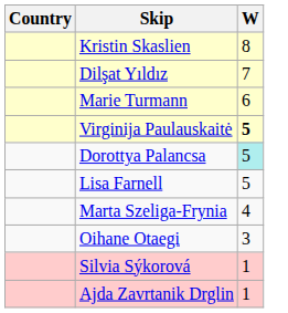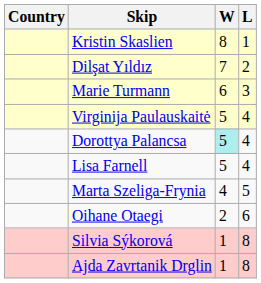 <table class=wikitable>
 <tr>
 <th>Country</th>
 <th>Skip</th>
 <th>W</th>
+<th>L</th>
 </tr>
 <tr style="background:#ffffcc;">
 <td></td>
 <td><a href='#'>Kristin Skaslien</a></td>
 <td>8</td>
+<td>1</td>
 </tr>
 <tr style="background:#ffffcc;">
 <td></td>
 <td><a href='#'>Dilşat Yıldız</a></td>
 <td>7</td>
+<td>2</td>
 </tr>
 <tr style="background:#ffffcc;">
 <td></td>
 <td><a href='#'>Marie Turmann</a></td>
 <td>6</td>
+<td>3</td>
 </tr>
 <tr style="background:#ffffcc;">
 <td></td>
 <td><a href='#'>Virginija Paulauskaitė</a></td>
-<td><strong>5</strong></td>
+<td>5</td>
+<td>4</td>
 </tr>
 <tr>
 <td></td>
 <td><a href='#'>Dorottya Palancsa</a></td>
 <td style="background: paleturquoise;">5</td>
+<td>4</td>
 </tr>
 <tr>
 <td></td>
 <td><a href='#'>Lisa Farnell</a></td>
 <td>5</td>
+<td>4</td>
 </tr>
 <tr>
 <td></td>
 <td><a href='#'>Marta Szeliga-Frynia</a></td>
 <td>4</td>
+<td>5</td>
 </tr>
 <tr>
 <td></td>
 <td><a href='#'>Oihane Otaegi</a></td>
-<td>3</td>
+<td>2</td>
+<td>6</td>
 </tr>
 <tr bgcolor=#ffcccc>
 <td></td>
 <td><a href='#'>Silvia Sýkorová</a></td>
 <td>1</td>
+<td>8</td>
 </tr>
 <tr bgcolor=#ffcccc>
 <td></td>
 <td><a href='#'>Ajda Zavrtanik Drglin</a></td>
 <td>1</td>
+<td>8</td>
 </tr>
 </table>
